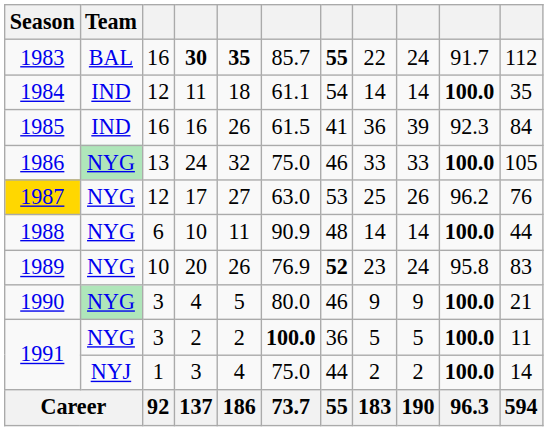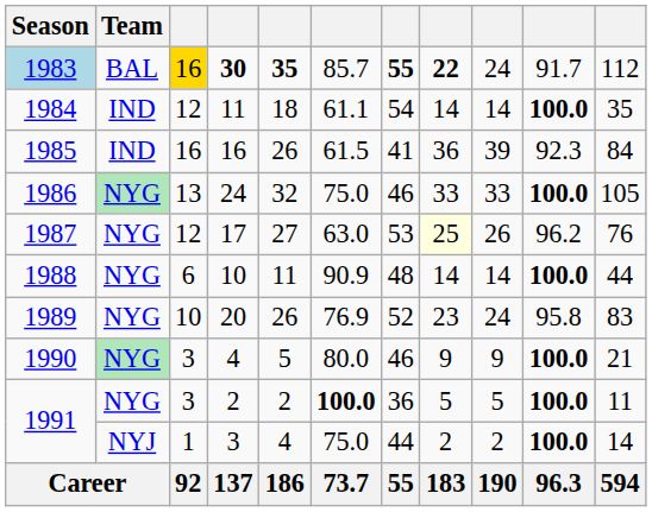 <table class="wikitable" style="text-align:center;">
 <tr>
 <th>Season</th>
 <th>Team</th>
 <th></th>
 <th></th>
 <th></th>
 <th></th>
 <th></th>
 <th></th>
 <th></th>
 <th></th>
 <th></th>
 </tr>
 <tr>
-<td><a href='#'>1983</a></td>
+<td style="background: lightblue;"><a href='#'>1983</a></td>
 <td><a href='#'>BAL</a></td>
-<td>16</td>
+<td style="background: gold;">16</td>
 <td><strong>30</strong></td>
 <td><strong>35</strong></td>
 <td>85.7</td>
 <td><strong>55</strong></td>
-<td>22</td>
+<td><strong>22</strong></td>
 <td>24</td>
 <td>91.7</td>
 <td>112</td>
 </tr>
 <tr>
 <td><a href='#'>1984</a></td>
 <td><a href='#'>IND</a></td>
 <td>12</td>
 <td>11</td>
 <td>18</td>
 <td>61.1</td>
 <td>54</td>
 <td>14</td>
 <td>14</td>
 <td><strong>100.0</strong></td>
 <td>35</td>
 </tr>
 <tr>
 <td><a href='#'>1985</a></td>
 <td><a href='#'>IND</a></td>
 <td>16</td>
 <td>16</td>
 <td>26</td>
 <td>61.5</td>
 <td>41</td>
 <td>36</td>
 <td>39</td>
 <td>92.3</td>
 <td>84</td>
 </tr>
 <tr>
 <td><a href='#'>1986</a></td>
 <td style="background:#afe6ba;"><a href='#'>NYG</a></td>
 <td>13</td>
 <td>24</td>
 <td>32</td>
 <td>75.0</td>
 <td>46</td>
 <td>33</td>
 <td>33</td>
 <td><strong>100.0</strong></td>
 <td>105</td>
 </tr>
 <tr>
-<td style="background: gold;"><a href='#'>1987</a></td>
+<td><a href='#'>1987</a></td>
 <td><a href='#'>NYG</a></td>
 <td>12</td>
 <td>17</td>
 <td>27</td>
 <td>63.0</td>
 <td>53</td>
-<td>25</td>
+<td style="background: lightyellow;">25</td>
 <td>26</td>
 <td>96.2</td>
 <td>76</td>
 </tr>
 <tr>
 <td><a href='#'>1988</a></td>
 <td><a href='#'>NYG</a></td>
 <td>6</td>
 <td>10</td>
 <td>11</td>
 <td>90.9</td>
 <td>48</td>
 <td>14</td>
 <td>14</td>
 <td><strong>100.0</strong></td>
 <td>44</td>
 </tr>
 <tr>
 <td><a href='#'>1989</a></td>
 <td><a href='#'>NYG</a></td>
 <td>10</td>
 <td>20</td>
 <td>26</td>
 <td>76.9</td>
-<td><strong>52</strong></td>
+<td>52</td>
 <td>23</td>
 <td>24</td>
 <td>95.8</td>
 <td>83</td>
 </tr>
 <tr>
 <td><a href='#'>1990</a></td>
 <td style="background:#afe6ba;"><a href='#'>NYG</a></td>
 <td>3</td>
 <td>4</td>
 <td>5</td>
 <td>80.0</td>
 <td>46</td>
 <td>9</td>
 <td>9</td>
 <td><strong>100.0</strong></td>
 <td>21</td>
 </tr>
 <tr>
 <td rowspan="2"><a href='#'>1991</a></td>
 <td><a href='#'>NYG</a></td>
 <td>3</td>
 <td>2</td>
 <td>2</td>
 <td><strong>100.0</strong></td>
 <td>36</td>
 <td>5</td>
 <td>5</td>
 <td><strong>100.0</strong></td>
 <td>11</td>
 </tr>
 <tr>
 <td><a href='#'>NYJ</a></td>
 <td>1</td>
 <td>3</td>
 <td>4</td>
 <td>75.0</td>
 <td>44</td>
 <td>2</td>
 <td>2</td>
 <td><strong>100.0</strong></td>
 <td>14</td>
 </tr>
 <tr>
 <th colspan="2">Career</th>
 <th>92</th>
 <th>137</th>
 <th>186</th>
 <th>73.7</th>
 <th>55</th>
 <th>183</th>
 <th>190</th>
 <th>96.3</th>
 <th>594</th>
 </tr>
 </table>
